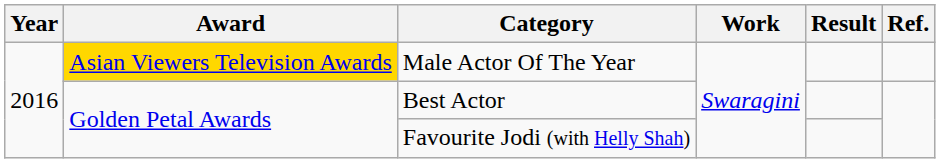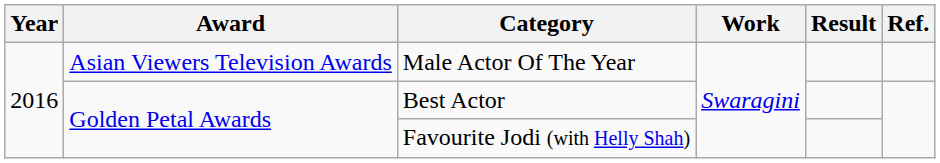 <table class="wikitable">
 <tr style="text-align:center;">
 <th>Year</th>
 <th>Award</th>
 <th>Category</th>
 <th>Work</th>
 <th>Result</th>
 <th>Ref.</th>
 </tr>
 <tr>
 <td rowspan="3">2016</td>
-<td style="background: gold;"><a href='#'>Asian Viewers Television Awards</a></td>
+<td><a href='#'>Asian Viewers Television Awards</a></td>
 <td>Male Actor Of The Year</td>
 <td rowspan="3"><em><a href='#'>Swaragini</a></em></td>
 <td></td>
 <td></td>
 </tr>
 <tr>
 <td rowspan="2"><a href='#'>Golden Petal Awards</a></td>
 <td>Best Actor</td>
 <td></td>
 <td rowspan="2"></td>
 </tr>
 <tr>
 <td>Favourite Jodi <small>(with <a href='#'>Helly Shah</a>)</small></td>
 <td></td>
 </tr>
 </table>
